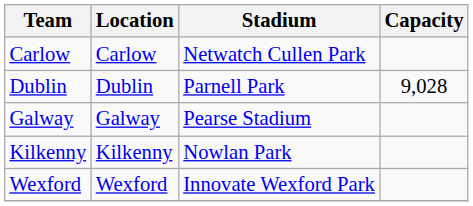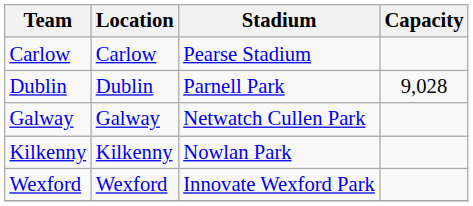 <table class="wikitable sortable">
 <tr>
 <th>Team</th>
 <th>Location</th>
 <th>Stadium</th>
 <th>Capacity</th>
 </tr>
 <tr>
 <td> <a href='#'>Carlow</a></td>
 <td><a href='#'>Carlow</a></td>
-<td><a href='#'>Netwatch Cullen Park</a></td>
+<td><a href='#'>Pearse Stadium</a></td>
 <td style="text-align:center"></td>
 </tr>
 <tr>
 <td> <a href='#'>Dublin</a></td>
 <td><a href='#'>Dublin</a></td>
 <td><a href='#'>Parnell Park</a></td>
 <td style="text-align:center">9,028</td>
 </tr>
 <tr>
 <td> <a href='#'>Galway</a></td>
 <td><a href='#'>Galway</a></td>
-<td><a href='#'>Pearse Stadium</a></td>
+<td><a href='#'>Netwatch Cullen Park</a></td>
 <td style="text-align:center"></td>
 </tr>
 <tr>
 <td> <a href='#'>Kilkenny</a></td>
 <td><a href='#'>Kilkenny</a></td>
 <td><a href='#'>Nowlan Park</a></td>
 <td style="text-align:center"></td>
 </tr>
 <tr>
 <td> <a href='#'>Wexford</a></td>
 <td><a href='#'>Wexford</a></td>
 <td><a href='#'>Innovate Wexford Park</a></td>
 <td style="text-align:center"></td>
 </tr>
 <tr>
 </tr>
 </table>
